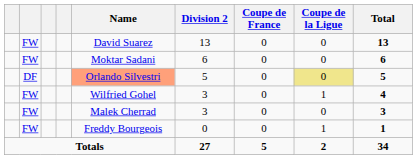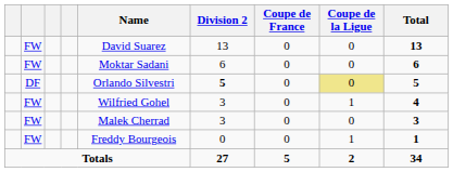 <table class="wikitable" style="text-align:center">
 <tr>
 <th width=15></th>
 <th width=15></th>
 <th width=15></th>
 <th width=15></th>
 <th width=145>Name</th>
 <th width=80><strong><a href='#'>Division 2</a></strong></th>
 <th width=80><strong><a href='#'>Coupe de France</a></strong></th>
 <th width=80><strong><a href='#'>Coupe de la Ligue</a></strong></th>
 <th width=80>Total</th>
 </tr>
 <tr>
 <td></td>
 <td align=center><a href='#'>FW</a></td>
 <td align=center></td>
 <td></td>
 <td><a href='#'>David Suarez</a></td>
 <td>13</td>
 <td>0</td>
 <td>0</td>
 <td><strong>13</strong></td>
 </tr>
 <tr>
 <td></td>
 <td align=center><a href='#'>FW</a></td>
 <td align=center></td>
 <td></td>
 <td><a href='#'>Moktar Sadani</a></td>
 <td>6</td>
 <td>0</td>
 <td>0</td>
 <td><strong>6</strong></td>
 </tr>
 <tr>
 <td></td>
 <td align=center><a href='#'>DF</a></td>
 <td align=center></td>
 <td></td>
-<td style="background: lightsalmon;"><a href='#'>Orlando Silvestri</a></td>
-<td>5</td>
+<td><a href='#'>Orlando Silvestri</a></td>
+<td><strong>5</strong></td>
 <td>0</td>
 <td style="background: khaki;">0</td>
 <td><strong>5</strong></td>
 </tr>
 <tr>
 <td></td>
 <td align=center><a href='#'>FW</a></td>
 <td align=center></td>
 <td></td>
 <td><a href='#'>Wilfried Gohel</a></td>
 <td>3</td>
 <td>0</td>
 <td>1</td>
 <td><strong>4</strong></td>
 </tr>
 <tr>
 <td></td>
 <td align=center><a href='#'>FW</a></td>
 <td align=center></td>
 <td></td>
 <td><a href='#'>Malek Cherrad</a></td>
 <td>3</td>
 <td>0</td>
 <td>0</td>
 <td><strong>3</strong></td>
 </tr>
 <tr>
 <td></td>
 <td align=center><a href='#'>FW</a></td>
 <td align=center></td>
 <td></td>
 <td><a href='#'>Freddy Bourgeois</a></td>
 <td>0</td>
 <td>0</td>
 <td>1</td>
 <td><strong>1</strong></td>
 </tr>
 <tr>
 <td colspan=5><strong>Totals</strong></td>
 <td><strong>27</strong></td>
 <td><strong>5</strong></td>
 <td><strong>2</strong></td>
 <td><strong>34</strong></td>
 </tr>
 </table>
